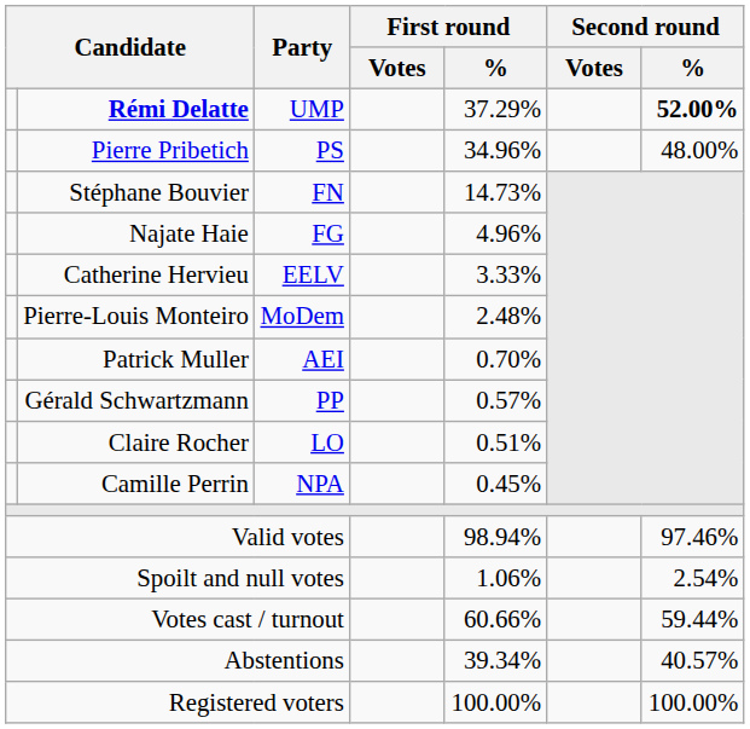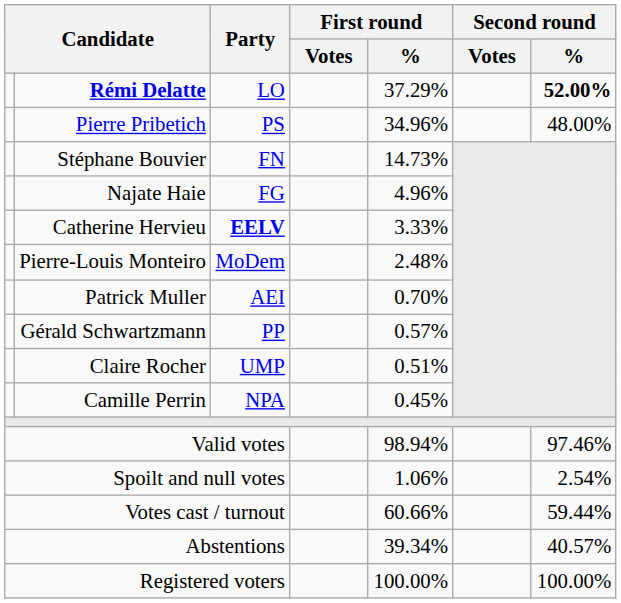 <table class="wikitable" style="text-align:right;font-size:95%;">
 <tr>
 <th rowspan=2 colspan=2>Candidate</th>
 <th rowspan=2 colspan=1>Party</th>
 <th colspan=2>First round</th>
 <th colspan=2>Second round</th>
 </tr>
 <tr>
 <th style="width:50px;">Votes</th>
 <th style="width:55px;">%</th>
 <th style="width:50px;">Votes</th>
 <th style="width:55px;">%</th>
 </tr>
 <tr>
 <td style="color:inherit;background-color:"></td>
 <td><strong><a href='#'>Rémi Delatte</a></strong></td>
-<td><a href='#'>UMP</a></td>
+<td><a href='#'>LO</a></td>
 <td></td>
 <td>37.29%</td>
 <td><strong></strong></td>
 <td><strong>52.00%</strong></td>
 </tr>
 <tr>
 <td style="color:inherit;background-color:"></td>
 <td><a href='#'>Pierre Pribetich</a></td>
 <td><a href='#'>PS</a></td>
 <td></td>
 <td>34.96%</td>
 <td></td>
 <td>48.00%</td>
 </tr>
 <tr>
 <td style="color:inherit;background-color:"></td>
 <td>Stéphane Bouvier</td>
 <td><a href='#'>FN</a></td>
 <td></td>
 <td>14.73%</td>
 <td colspan=7 rowspan=8 style="background-color:#E9E9E9;"></td>
 </tr>
 <tr>
 <td style="color:inherit;background-color:"></td>
 <td>Najate Haie</td>
 <td><a href='#'>FG</a></td>
 <td></td>
 <td>4.96%</td>
 </tr>
 <tr>
 <td style="color:inherit;background-color:"></td>
 <td>Catherine Hervieu</td>
-<td><a href='#'>EELV</a></td>
+<td><strong><a href='#'>EELV</a></strong></td>
 <td></td>
 <td>3.33%</td>
 </tr>
 <tr>
 <td style="color:inherit;background-color:"></td>
 <td>Pierre-Louis Monteiro</td>
 <td><a href='#'>MoDem</a></td>
 <td></td>
 <td>2.48%</td>
 </tr>
 <tr>
 <td style="color:inherit;background-color:"></td>
 <td>Patrick Muller</td>
 <td><a href='#'>AEI</a></td>
 <td></td>
 <td>0.70%</td>
 </tr>
 <tr>
 <td style="color:inherit;background-color:"></td>
 <td>Gérald Schwartzmann</td>
 <td><a href='#'>PP</a></td>
 <td></td>
 <td>0.57%</td>
 </tr>
 <tr>
 <td style="color:inherit;background-color:"></td>
 <td>Claire Rocher</td>
-<td><a href='#'>LO</a></td>
+<td><a href='#'>UMP</a></td>
 <td></td>
 <td>0.51%</td>
 </tr>
 <tr>
 <td style="color:inherit;background-color:"></td>
 <td>Camille Perrin</td>
 <td><a href='#'>NPA</a></td>
 <td></td>
 <td>0.45%</td>
 </tr>
 <tr>
 <td colspan=7 style="background-color:#E9E9E9;"></td>
 </tr>
 <tr>
 <td colspan=3>Valid votes</td>
 <td></td>
 <td>98.94%</td>
 <td></td>
 <td>97.46%</td>
 </tr>
 <tr>
 <td colspan=3>Spoilt and null votes</td>
 <td></td>
 <td>1.06%</td>
 <td></td>
 <td>2.54%</td>
 </tr>
 <tr>
 <td colspan=3>Votes cast / turnout</td>
 <td></td>
 <td>60.66%</td>
 <td></td>
 <td>59.44%</td>
 </tr>
 <tr>
 <td colspan=3>Abstentions</td>
 <td></td>
 <td>39.34%</td>
 <td></td>
 <td>40.57%</td>
 </tr>
 <tr>
 <td colspan=3>Registered voters</td>
 <td></td>
 <td>100.00%</td>
 <td></td>
 <td>100.00%</td>
 </tr>
 </table>
